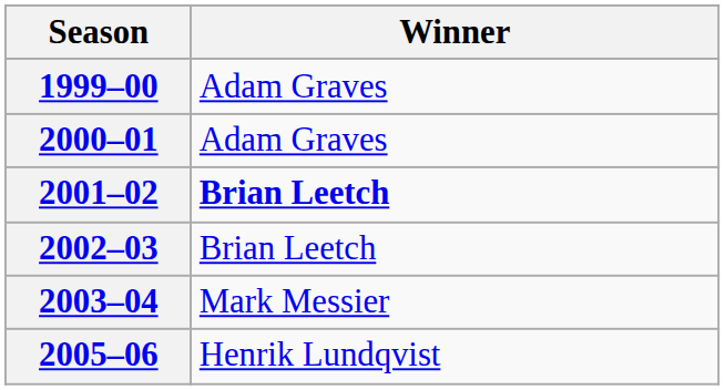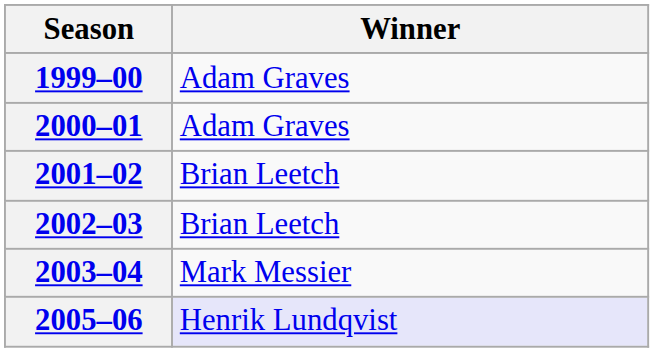 <table class="wikitable">
 <tr>
 <th scope="col" style="width:5em">Season</th>
 <th scope="col" style="width:15em">Winner</th>
 </tr>
 <tr>
 <th scope="row"><a href='#'>1999–00</a></th>
 <td><a href='#'>Adam Graves</a></td>
 </tr>
 <tr>
 <th scope="row"><a href='#'>2000–01</a></th>
 <td><a href='#'>Adam Graves</a></td>
 </tr>
 <tr>
 <th scope="row"><a href='#'>2001–02</a></th>
-<td><strong><a href='#'>Brian Leetch</a></strong></td>
+<td><a href='#'>Brian Leetch</a></td>
 </tr>
 <tr>
 <th scope="row"><a href='#'>2002–03</a></th>
 <td><a href='#'>Brian Leetch</a></td>
 </tr>
 <tr>
 <th scope="row"><a href='#'>2003–04</a></th>
 <td><a href='#'>Mark Messier</a></td>
 </tr>
 <tr>
 <th scope="row"><a href='#'>2005–06</a></th>
-<td><a href='#'>Henrik Lundqvist</a></td>
+<td style="background: lavender;"><a href='#'>Henrik Lundqvist</a></td>
 </tr>
 </table>
